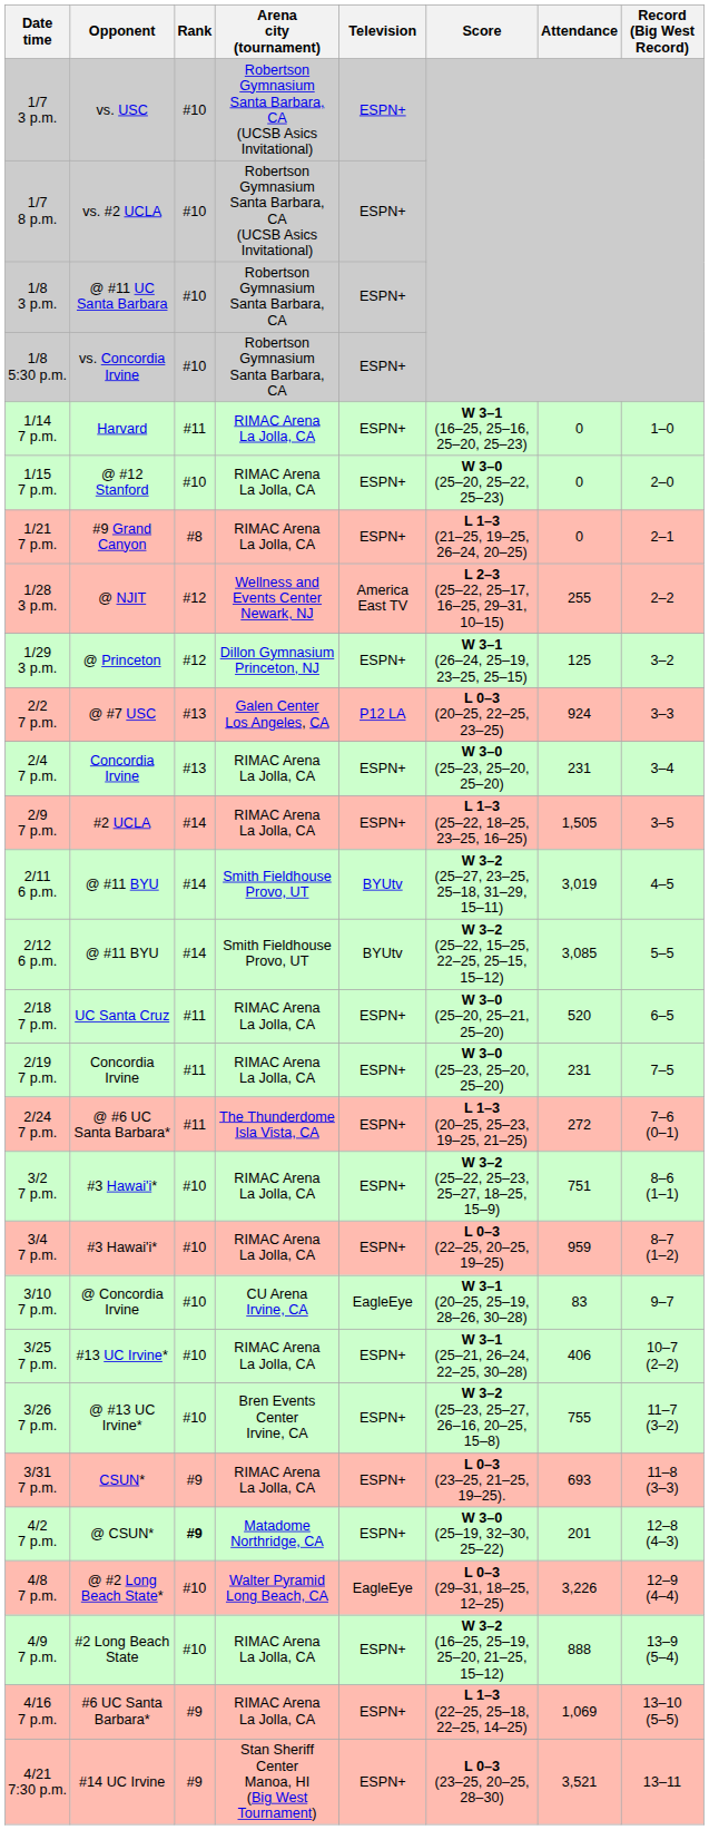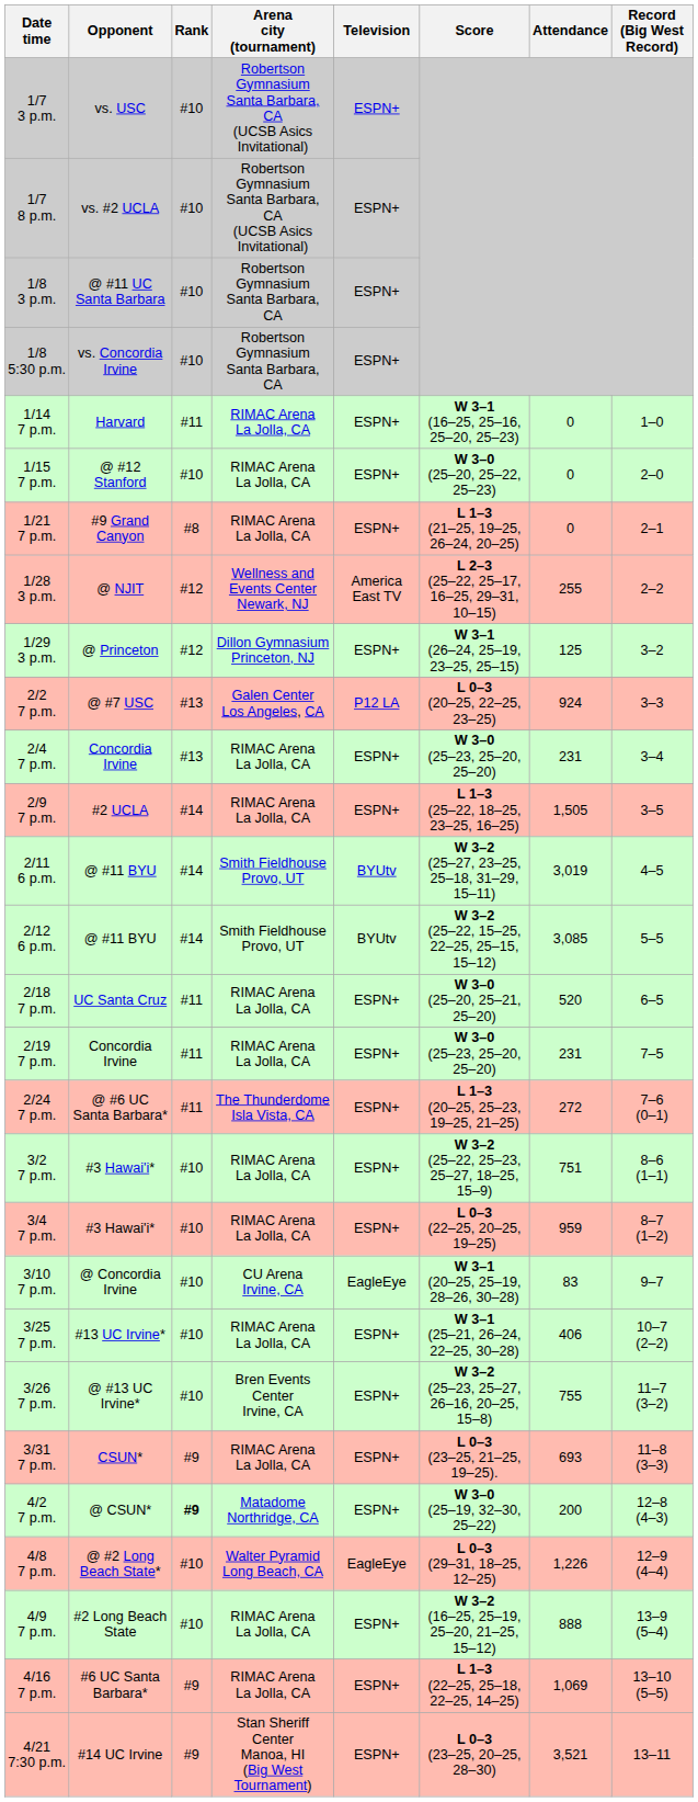 <table class="wikitable sortable" style="width:90%">
 <tr>
 <th>Date<br>time</th>
 <th>Opponent</th>
 <th>Rank</th>
 <th>Arena<br>city<br>(tournament)</th>
 <th>Television</th>
 <th>Score</th>
 <th>Attendance</th>
 <th>Record<br>(Big West Record)</th>
 </tr>
 <tr align="center" bgcolor="#cccccc">
 <td>1/7<br>3 p.m.</td>
 <td>vs. <a href='#'>USC</a></td>
 <td>#10</td>
 <td><a href='#'>Robertson Gymnasium</a><br><a href='#'>Santa Barbara, CA</a><br>(UCSB Asics Invitational)</td>
 <td><a href='#'>ESPN+</a></td>
 <td rowspan="4" colspan=3></td>
 </tr>
 <tr align="center" bgcolor="#cccccc">
 <td>1/7<br>8 p.m.</td>
 <td>vs. #2 <a href='#'>UCLA</a></td>
 <td>#10</td>
 <td>Robertson Gymnasium<br>Santa Barbara, CA<br>(UCSB Asics Invitational)</td>
 <td>ESPN+</td>
 </tr>
 <tr align="center" bgcolor="#cccccc">
 <td>1/8<br>3 p.m.</td>
 <td>@ #11 <a href='#'>UC Santa Barbara</a></td>
 <td>#10</td>
 <td>Robertson Gymnasium<br>Santa Barbara, CA</td>
 <td>ESPN+</td>
 </tr>
 <tr align="center" bgcolor="#cccccc">
 <td>1/8<br>5:30 p.m.</td>
 <td>vs. <a href='#'>Concordia Irvine</a></td>
 <td>#10</td>
 <td>Robertson Gymnasium<br>Santa Barbara, CA</td>
 <td>ESPN+</td>
 </tr>
 <tr align="center" bgcolor="#ccffcc">
 <td>1/14<br>7 p.m.</td>
 <td><a href='#'>Harvard</a></td>
 <td>#11</td>
 <td><a href='#'>RIMAC Arena</a><br><a href='#'>La Jolla, CA</a></td>
 <td>ESPN+</td>
 <td><strong>W 3–1</strong><br>(16–25, 25–16, 25–20, 25–23)</td>
 <td>0</td>
 <td>1–0</td>
 </tr>
 <tr align="center" bgcolor="#ccffcc">
 <td>1/15<br>7 p.m.</td>
 <td>@ #12 <a href='#'>Stanford</a></td>
 <td>#10</td>
 <td>RIMAC Arena<br>La Jolla, CA</td>
 <td>ESPN+</td>
 <td><strong>W 3–0</strong><br>(25–20, 25–22, 25–23)</td>
 <td>0</td>
 <td>2–0</td>
 </tr>
 <tr align="center" bgcolor="#ffbbb">
 <td>1/21<br>7 p.m.</td>
 <td>#9 <a href='#'>Grand Canyon</a></td>
 <td>#8</td>
 <td>RIMAC Arena<br>La Jolla, CA</td>
 <td>ESPN+</td>
 <td><strong>L 1–3</strong><br>(21–25, 19–25, 26–24, 20–25)</td>
 <td>0</td>
 <td>2–1</td>
 </tr>
 <tr align="center" bgcolor="#ffbbb">
 <td>1/28<br>3 p.m.</td>
 <td>@ <a href='#'>NJIT</a></td>
 <td>#12</td>
 <td><a href='#'>Wellness and Events Center</a> <br> <a href='#'>Newark, NJ</a></td>
 <td>America East TV</td>
 <td><strong>L 2–3</strong><br>(25–22, 25–17, 16–25, 29–31, 10–15)</td>
 <td>255</td>
 <td>2–2</td>
 </tr>
 <tr align="center" bgcolor="#ccffcc">
 <td>1/29<br>3 p.m.</td>
 <td>@ <a href='#'>Princeton</a></td>
 <td>#12</td>
 <td><a href='#'>Dillon Gymnasium</a><br><a href='#'>Princeton, NJ</a></td>
 <td>ESPN+</td>
 <td><strong>W 3–1</strong><br>(26–24, 25–19, 23–25, 25–15)</td>
 <td>125</td>
 <td>3–2</td>
 </tr>
 <tr align="center" bgcolor="#ffbbb">
 <td>2/2<br>7 p.m.</td>
 <td>@ #7 <a href='#'>USC</a></td>
 <td>#13</td>
 <td><a href='#'>Galen Center</a><br><a href='#'>Los Angeles</a>, <a href='#'>CA</a></td>
 <td><a href='#'>P12 LA</a></td>
 <td><strong>L 0–3</strong><br>(20–25, 22–25, 23–25)</td>
 <td>924</td>
 <td>3–3</td>
 </tr>
 <tr align="center" bgcolor="#ccffcc">
 <td>2/4<br>7 p.m.</td>
 <td><a href='#'>Concordia Irvine</a></td>
 <td>#13</td>
 <td>RIMAC Arena<br>La Jolla, CA</td>
 <td>ESPN+</td>
 <td><strong>W 3–0</strong><br>(25–23, 25–20, 25–20)</td>
 <td>231</td>
 <td>3–4</td>
 </tr>
 <tr align="center" bgcolor="#ffbbb">
 <td>2/9<br>7 p.m.</td>
 <td>#2 <a href='#'>UCLA</a></td>
 <td>#14</td>
 <td>RIMAC Arena<br>La Jolla, CA</td>
 <td>ESPN+</td>
 <td><strong>L 1–3</strong><br>(25–22, 18–25, 23–25, 16–25)</td>
 <td>1,505</td>
 <td>3–5</td>
 </tr>
 <tr align="center" bgcolor="#ccffcc">
 <td>2/11<br>6 p.m.</td>
 <td>@ #11 <a href='#'>BYU</a></td>
 <td>#14</td>
 <td><a href='#'>Smith Fieldhouse</a><br><a href='#'>Provo, UT</a></td>
 <td><a href='#'>BYUtv</a></td>
 <td><strong>W 3–2</strong><br>(25–27, 23–25, 25–18, 31–29, 15–11)</td>
 <td>3,019</td>
 <td>4–5</td>
 </tr>
 <tr align="center" bgcolor="#ccffcc">
 <td>2/12<br>6 p.m.</td>
 <td>@ #11 BYU</td>
 <td>#14</td>
 <td>Smith Fieldhouse<br>Provo, UT</td>
 <td>BYUtv</td>
 <td><strong>W 3–2</strong><br>(25–22, 15–25, 22–25, 25–15, 15–12) </td>
 <td>3,085</td>
 <td>5–5</td>
 </tr>
 <tr align="center" bgcolor="#ccffcc">
 <td>2/18<br>7 p.m.</td>
 <td><a href='#'>UC Santa Cruz</a></td>
 <td>#11</td>
 <td>RIMAC Arena<br>La Jolla, CA</td>
 <td>ESPN+</td>
 <td><strong>W 3–0</strong><br>(25–20, 25–21, 25–20)</td>
 <td>520</td>
 <td>6–5</td>
 </tr>
 <tr align="center" bgcolor="#ccffcc">
 <td>2/19<br>7 p.m.</td>
 <td>Concordia Irvine</td>
 <td>#11</td>
 <td>RIMAC Arena<br>La Jolla, CA</td>
 <td>ESPN+</td>
 <td><strong>W 3–0</strong><br>(25–23, 25–20, 25–20)</td>
 <td>231</td>
 <td>7–5</td>
 </tr>
 <tr align="center" bgcolor="#ffbbb">
 <td>2/24<br>7 p.m.</td>
 <td>@ #6 UC Santa Barbara*</td>
 <td>#11</td>
 <td><a href='#'>The Thunderdome</a><br><a href='#'>Isla Vista, CA</a></td>
 <td>ESPN+</td>
 <td><strong>L 1–3</strong><br>(20–25, 25–23, 19–25, 21–25)</td>
 <td>272</td>
 <td>7–6<br>(0–1)</td>
 </tr>
 <tr align="center" bgcolor="#ccffcc">
 <td>3/2<br>7 p.m.</td>
 <td>#3 <a href='#'>Hawai'i</a>*</td>
 <td>#10</td>
 <td>RIMAC Arena<br>La Jolla, CA</td>
 <td>ESPN+</td>
 <td><strong>W 3–2</strong><br>(25–22, 25–23, 25–27, 18–25, 15–9)</td>
 <td>751</td>
 <td>8–6<br>(1–1)</td>
 </tr>
 <tr align="center" bgcolor="#ffbbb">
 <td>3/4<br>7 p.m.</td>
 <td>#3 Hawai'i*</td>
 <td>#10</td>
 <td>RIMAC Arena<br>La Jolla, CA</td>
 <td>ESPN+</td>
 <td><strong>L 0–3</strong><br>(22–25, 20–25, 19–25)</td>
 <td>959</td>
 <td>8–7<br>(1–2)</td>
 </tr>
 <tr align="center" bgcolor="#ccffcc">
 <td>3/10<br>7 p.m.</td>
 <td>@ Concordia Irvine</td>
 <td>#10</td>
 <td>CU Arena<br><a href='#'>Irvine, CA</a></td>
 <td>EagleEye</td>
 <td><strong>W 3–1</strong><br>(20–25, 25–19, 28–26, 30–28)</td>
 <td>83</td>
 <td>9–7</td>
 </tr>
 <tr align="center" bgcolor="#ccffcc">
 <td>3/25<br>7 p.m.</td>
 <td>#13 <a href='#'>UC Irvine</a>*</td>
 <td>#10</td>
 <td>RIMAC Arena<br>La Jolla, CA</td>
 <td>ESPN+</td>
 <td><strong>W 3–1</strong><br>(25–21, 26–24, 22–25, 30–28)</td>
 <td>406</td>
 <td>10–7<br>(2–2)</td>
 </tr>
 <tr align="center" bgcolor="#ccffcc">
 <td>3/26<br>7 p.m.</td>
 <td>@ #13 UC Irvine*</td>
 <td>#10</td>
 <td>Bren Events Center<br>Irvine, CA</td>
 <td>ESPN+</td>
 <td><strong>W 3–2</strong><br> (25–23, 25–27, 26–16, 20–25, 15–8)</td>
 <td>755</td>
 <td>11–7<br>(3–2)</td>
 </tr>
 <tr align="center" bgcolor="#ffbbb">
 <td>3/31<br>7 p.m.</td>
 <td><a href='#'>CSUN</a>*</td>
 <td>#9</td>
 <td>RIMAC Arena<br>La Jolla, CA</td>
 <td>ESPN+</td>
 <td><strong>L 0–3</strong><br>(23–25, 21–25, 19–25).</td>
 <td>693</td>
 <td>11–8<br>(3–3)</td>
 </tr>
 <tr align="center" bgcolor="#ccffcc">
 <td>4/2<br>7 p.m.</td>
 <td>@ CSUN*</td>
 <td><strong>#9</strong></td>
 <td><a href='#'>Matadome</a><br><a href='#'>Northridge, CA</a></td>
 <td>ESPN+</td>
 <td><strong>W 3–0</strong><br> (25–19, 32–30, 25–22)</td>
-<td>201</td>
+<td>200</td>
 <td>12–8<br> (4–3)</td>
 </tr>
 <tr align="center" bgcolor="#ffbbb">
 <td>4/8<br>7 p.m.</td>
 <td>@ #2 <a href='#'>Long Beach State</a>*</td>
 <td>#10</td>
 <td><a href='#'>Walter Pyramid</a><br><a href='#'>Long Beach, CA</a></td>
 <td>EagleEye</td>
 <td><strong>L 0–3</strong><br>(29–31, 18–25, 12–25)</td>
-<td>3,226</td>
+<td>1,226</td>
 <td>12–9<br>(4–4)</td>
 </tr>
 <tr align="center" bgcolor="#ccffcc">
 <td>4/9<br>7 p.m.</td>
 <td>#2 Long Beach State</td>
 <td>#10</td>
 <td>RIMAC Arena<br>La Jolla, CA</td>
 <td>ESPN+</td>
 <td><strong>W 3–2</strong><br> (16–25, 25–19, 25–20, 21–25, 15–12)</td>
 <td>888</td>
 <td>13–9<br>(5–4)</td>
 </tr>
 <tr align="center" bgcolor="#ffbbb">
 <td>4/16<br>7 p.m.</td>
 <td>#6 UC Santa Barbara*</td>
 <td>#9</td>
 <td>RIMAC Arena<br>La Jolla, CA</td>
 <td>ESPN+</td>
 <td><strong>L 1–3</strong><br> (22–25, 25–18, 22–25, 14–25)</td>
 <td>1,069</td>
 <td>13–10<br>(5–5)</td>
 </tr>
 <tr align="center" bgcolor="#ffbbb">
 <td>4/21<br>7:30 p.m.</td>
 <td>#14 UC Irvine</td>
 <td>#9</td>
 <td>Stan Sheriff Center<br>Manoa, HI<br>(<a href='#'>Big West Tournament</a>)</td>
 <td>ESPN+</td>
 <td><strong>L 0–3</strong><br> (23–25, 20–25, 28–30)</td>
 <td>3,521</td>
 <td>13–11</td>
 </tr>
 </table>
